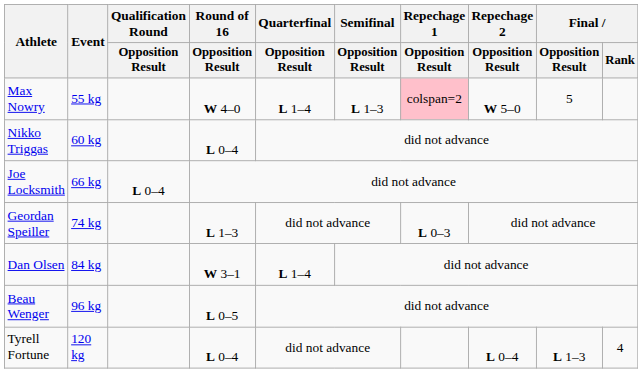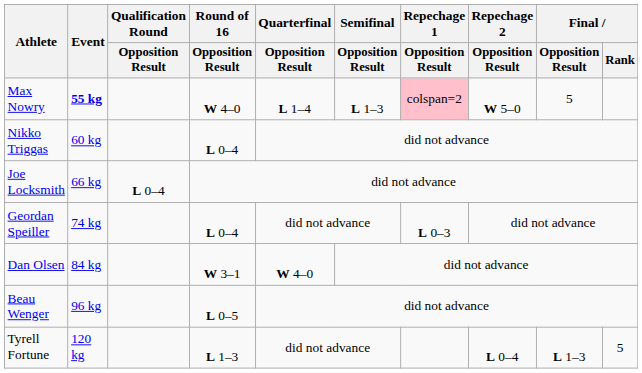 <table class="wikitable" style="font-size:90%;">
 <tr>
 <th rowspan=2>Athlete</th>
 <th rowspan=2>Event</th>
 <th>Qualification Round</th>
 <th>Round of 16</th>
 <th>Quarterfinal</th>
 <th>Semifinal</th>
 <th>Repechage 1</th>
 <th>Repechage 2</th>
 <th colspan=2>Final / </th>
 </tr>
 <tr style="font-size: 95%">
 <th>Opposition<br>Result</th>
 <th>Opposition<br>Result</th>
 <th>Opposition<br>Result</th>
 <th>Opposition<br>Result</th>
 <th>Opposition<br>Result</th>
 <th>Opposition<br>Result</th>
 <th>Opposition<br>Result</th>
 <th>Rank</th>
 </tr>
 <tr align=center>
 <td align=left><a href='#'>Max Nowry</a></td>
-<td align=left><a href='#'>55 kg</a></td>
+<td align=left><strong><a href='#'>55 kg</a></strong></td>
 <td></td>
 <td><br><strong>W</strong> 4–0 <sup></sup></td>
 <td><br><strong>L</strong> 1–4 <sup></sup></td>
 <td><br><strong>L</strong> 1–3 <sup></sup></td>
 <td style="background: pink;">colspan=2 </td>
 <td><br><strong>W</strong> 5–0 <sup></sup></td>
 <td>5</td>
 </tr>
 <tr align=center>
 <td align=left><a href='#'>Nikko Triggas</a></td>
 <td align=left><a href='#'>60 kg</a></td>
 <td></td>
 <td><br><strong>L</strong> 0–4 <sup></sup></td>
 <td colspan=6>did not advance</td>
 </tr>
 <tr align=center>
 <td align=left><a href='#'>Joe Locksmith</a></td>
 <td align=left><a href='#'>66 kg</a></td>
 <td><br><strong>L</strong> 0–4 <sup></sup></td>
 <td colspan=7>did not advance</td>
 </tr>
 <tr align=center>
 <td align=left><a href='#'>Geordan Speiller</a></td>
 <td align=left><a href='#'>74 kg</a></td>
 <td></td>
-<td><br><strong>L</strong> 1–3 <sup></sup></td>
+<td><br><strong>L</strong> 0–4 <sup></sup></td>
 <td colspan=2>did not advance</td>
 <td><br><strong>L</strong> 0–3 <sup></sup></td>
 <td colspan=4>did not advance</td>
 </tr>
 <tr align=center>
 <td align=left><a href='#'>Dan Olsen</a></td>
 <td align=left><a href='#'>84 kg</a></td>
 <td></td>
 <td><br><strong>W</strong> 3–1 <sup></sup></td>
-<td><br><strong>L</strong> 1–4 <sup></sup></td>
+<td><br><strong>W</strong> 4–0 <sup></sup></td>
 <td colspan=5>did not advance</td>
 </tr>
 <tr align=center>
 <td align=left><a href='#'>Beau Wenger</a></td>
 <td align=left><a href='#'>96 kg</a></td>
 <td></td>
 <td><br><strong>L</strong> 0–5 <sup></sup></td>
 <td colspan=6>did not advance</td>
 </tr>
 <tr align=center>
 <td align=left>Tyrell Fortune</td>
 <td align=left><a href='#'>120 kg</a></td>
 <td></td>
-<td><br><strong>L</strong> 0–4 <sup></sup></td>
+<td><br><strong>L</strong> 1–3 <sup></sup></td>
 <td colspan=2>did not advance</td>
 <td></td>
 <td><br><strong>L</strong> 0–4 <sup></sup></td>
 <td><br><strong>L</strong> 1–3 <sup></sup></td>
-<td>4</td>
+<td>5</td>
 </tr>
 </table>
